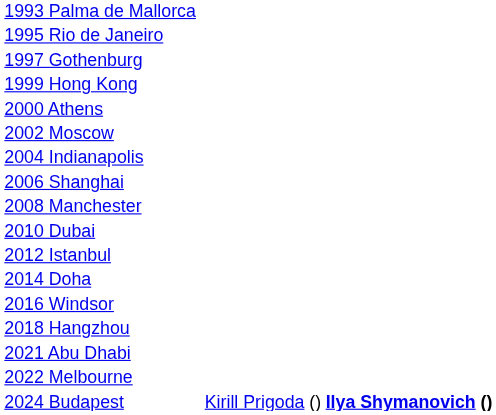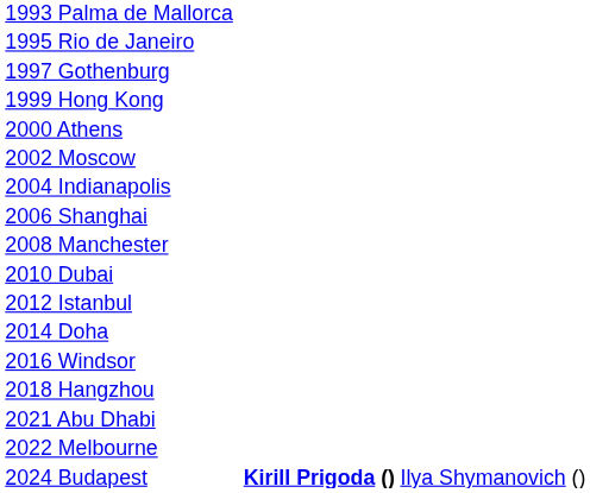 <table>
 <tr>
 <td><a href='#'>1993 Palma de Mallorca</a></td>
 <td></td>
 <td></td>
 <td></td>
 </tr>
 <tr>
 <td><a href='#'>1995 Rio de Janeiro</a></td>
 <td></td>
 <td></td>
 <td></td>
 </tr>
 <tr>
 <td><a href='#'>1997 Gothenburg</a></td>
 <td></td>
 <td></td>
 <td></td>
 </tr>
 <tr>
 <td><a href='#'>1999 Hong Kong</a></td>
 <td></td>
 <td></td>
 <td></td>
 </tr>
 <tr>
 <td><a href='#'>2000 Athens</a></td>
 <td></td>
 <td></td>
 <td></td>
 </tr>
 <tr>
 <td><a href='#'>2002 Moscow</a></td>
 <td></td>
 <td></td>
 <td></td>
 </tr>
 <tr>
 <td><a href='#'>2004 Indianapolis</a></td>
 <td></td>
 <td></td>
 <td></td>
 </tr>
 <tr>
 <td><a href='#'>2006 Shanghai</a></td>
 <td></td>
 <td></td>
 <td></td>
 </tr>
 <tr>
 <td><a href='#'>2008 Manchester</a></td>
 <td></td>
 <td></td>
 <td></td>
 </tr>
 <tr>
 <td><a href='#'>2010 Dubai</a></td>
 <td></td>
 <td></td>
 <td></td>
 </tr>
 <tr>
 <td><a href='#'>2012 Istanbul</a></td>
 <td></td>
 <td></td>
 <td></td>
 </tr>
 <tr>
 <td><a href='#'>2014 Doha</a></td>
 <td></td>
 <td></td>
 <td></td>
 </tr>
 <tr>
 <td><a href='#'>2016 Windsor</a></td>
 <td></td>
 <td></td>
 <td></td>
 </tr>
 <tr>
 <td><a href='#'>2018 Hangzhou</a></td>
 <td></td>
 <td></td>
 <td></td>
 </tr>
 <tr>
 <td><a href='#'>2021 Abu Dhabi</a></td>
 <td></td>
 <td></td>
 <td></td>
 </tr>
 <tr>
 <td><a href='#'>2022 Melbourne</a></td>
 <td></td>
 <td></td>
 <td></td>
 </tr>
 <tr>
 <td><a href='#'>2024 Budapest</a></td>
 <td></td>
-<td> <a href='#'>Kirill Prigoda</a> ()</td>
-<td><strong> <a href='#'>Ilya Shymanovich</a> ()</strong></td>
+<td><strong> <a href='#'>Kirill Prigoda</a> ()</strong></td>
+<td> <a href='#'>Ilya Shymanovich</a> ()</td>
 </tr>
 </table>
